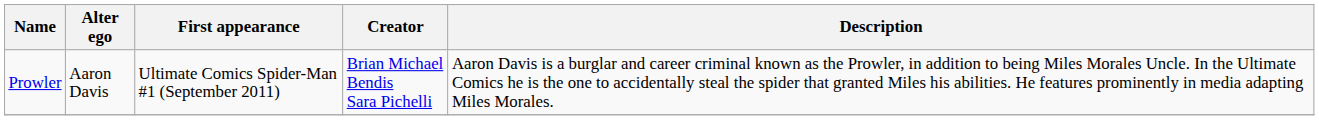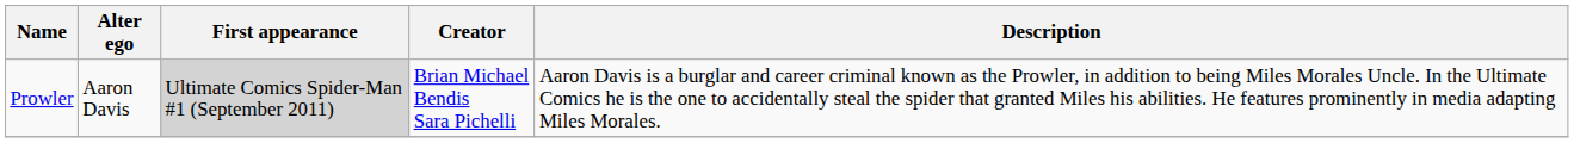 <table class=wikitable>
 <tr>
 <th>Name</th>
 <th>Alter ego</th>
 <th>First appearance</th>
 <th>Creator</th>
 <th>Description</th>
 </tr>
 <tr>
 <td><a href='#'>Prowler</a></td>
 <td>Aaron Davis</td>
-<td>Ultimate Comics Spider-Man #1 (September 2011)</td>
+<td style="background: lightgrey;">Ultimate Comics Spider-Man #1 (September 2011)</td>
 <td><a href='#'>Brian Michael Bendis</a><br><a href='#'>Sara Pichelli</a></td>
 <td>Aaron Davis is a burglar and career criminal known as the Prowler, in addition to being Miles Morales Uncle. In the Ultimate Comics he is the one to accidentally steal the spider that granted Miles his abilities. He features prominently in media adapting Miles Morales.</td>
 </tr>
 <tr>
 </tr>
 </table>
